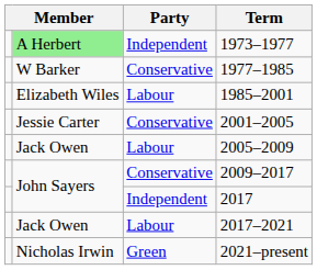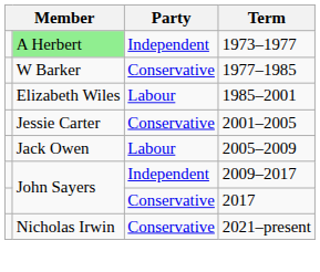 <table class="wikitable">
 <tr>
 <th colspan="2">Member</th>
 <th>Party</th>
 <th>Term</th>
 </tr>
 <tr>
 <td style="background-color: "></td>
 <td style="background: lightgreen;">A Herbert</td>
 <td><a href='#'>Independent</a></td>
 <td>1973–1977</td>
 </tr>
 <tr>
 <td style="background-color: "></td>
 <td>W Barker</td>
 <td><a href='#'>Conservative</a></td>
 <td>1977–1985</td>
 </tr>
 <tr>
 <td style="background-color: "></td>
 <td>Elizabeth Wiles</td>
 <td><a href='#'>Labour</a></td>
 <td>1985–2001</td>
 </tr>
 <tr>
 <td style="background-color: "></td>
 <td>Jessie Carter</td>
 <td><a href='#'>Conservative</a></td>
 <td>2001–2005</td>
 </tr>
 <tr>
 <td style="background-color: "></td>
 <td>Jack Owen</td>
 <td><a href='#'>Labour</a></td>
 <td>2005–2009</td>
 </tr>
 <tr>
 <td style="background-color: "></td>
 <td rowspan="2">John Sayers</td>
-<td><a href='#'>Conservative</a></td>
+<td><a href='#'>Independent</a></td>
 <td>2009–2017</td>
 </tr>
 <tr>
 <td style="background-color: "></td>
-<td><a href='#'>Independent</a></td>
+<td><a href='#'>Conservative</a></td>
 <td>2017</td>
 </tr>
 <tr>
 <td style="background-color: "></td>
-<td>Jack Owen</td>
-<td><a href='#'>Labour</a></td>
-<td>2017–2021</td>
-</tr>
-<tr>
-<td style="background-color: "></td>
 <td>Nicholas Irwin</td>
-<td><a href='#'>Green</a></td>
+<td><a href='#'>Conservative</a></td>
 <td>2021–present</td>
 </tr>
 </table>
